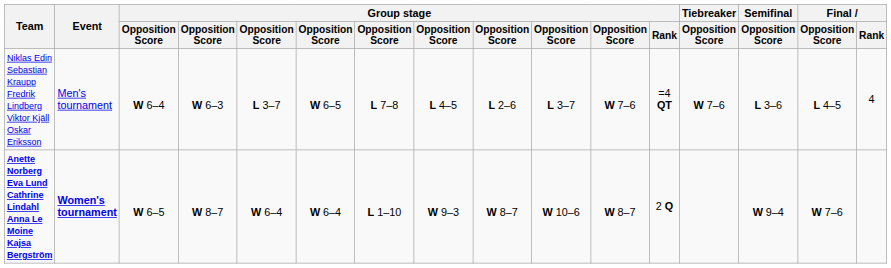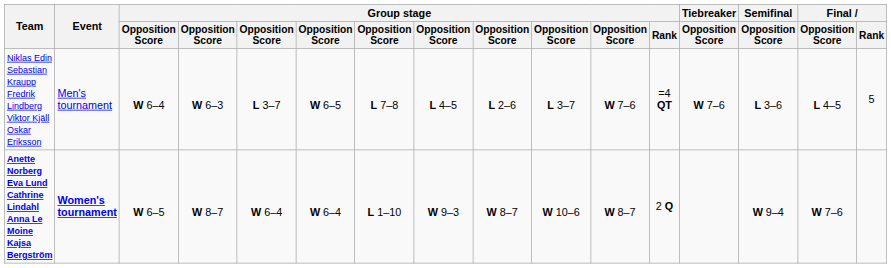 <table class="wikitable" style="font-size:90%">
 <tr>
 <th rowspan=2>Team</th>
 <th rowspan=2>Event</th>
 <th colspan=10>Group stage</th>
 <th>Tiebreaker</th>
 <th>Semifinal</th>
 <th colspan=2>Final / </th>
 </tr>
 <tr style="font-size:95%">
 <th>Opposition<br>Score</th>
 <th>Opposition<br>Score</th>
 <th>Opposition<br>Score</th>
 <th>Opposition<br>Score</th>
 <th>Opposition<br>Score</th>
 <th>Opposition<br>Score</th>
 <th>Opposition<br>Score</th>
 <th>Opposition<br>Score</th>
 <th>Opposition<br>Score</th>
 <th>Rank</th>
 <th>Opposition<br>Score</th>
 <th>Opposition<br>Score</th>
 <th>Opposition<br>Score</th>
 <th>Rank</th>
 </tr>
 <tr align=center>
 <td align=left><small><a href='#'>Niklas Edin</a><br><a href='#'>Sebastian Kraupp</a><br><a href='#'>Fredrik Lindberg</a><br><a href='#'>Viktor Kjäll</a><br><a href='#'>Oskar Eriksson</a></small></td>
 <td align=left><a href='#'>Men's tournament</a></td>
 <td><br> <strong>W</strong> 6–4</td>
 <td><br> <strong>W</strong> 6–3</td>
 <td><br> <strong>L</strong> 3–7</td>
 <td><br> <strong>W</strong> 6–5</td>
 <td><br> <strong>L</strong> 7–8</td>
 <td><br> <strong>L</strong> 4–5</td>
 <td><br> <strong>L</strong> 2–6</td>
 <td><br> <strong>L</strong> 3–7</td>
 <td><br> <strong>W</strong> 7–6</td>
 <td>=4 <strong>QT</strong></td>
 <td><br> <strong>W</strong> 7–6</td>
 <td><br> <strong>L</strong> 3–6</td>
 <td><br> <strong>L</strong> 4–5</td>
-<td>4</td>
+<td>5</td>
 </tr>
 <tr align=center>
 <td align=left><strong><small><a href='#'>Anette Norberg</a><br><a href='#'>Eva Lund</a><br><a href='#'>Cathrine Lindahl</a><br><a href='#'>Anna Le Moine</a><br><a href='#'>Kajsa Bergström</a></small></strong></td>
 <td align=left><strong><a href='#'>Women's tournament</a></strong></td>
 <td><br> <strong>W</strong> 6–5</td>
 <td><br> <strong>W</strong> 8–7</td>
 <td><br> <strong>W</strong> 6–4</td>
 <td><br> <strong>W</strong> 6–4</td>
 <td><br> <strong>L</strong> 1–10</td>
 <td><br> <strong>W</strong> 9–3</td>
 <td><br> <strong>W</strong> 8–7</td>
 <td><br> <strong>W</strong> 10–6</td>
 <td><br> <strong>W</strong> 8–7</td>
 <td>2 <strong>Q</strong></td>
 <td></td>
 <td><br> <strong>W</strong> 9–4</td>
 <td><br> <strong>W</strong> 7–6</td>
 <td></td>
 </tr>
 </table>
